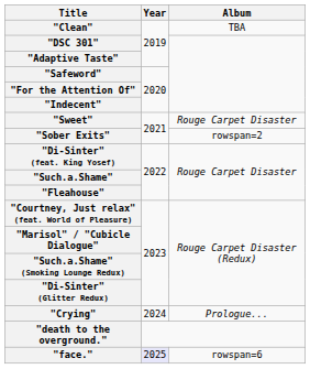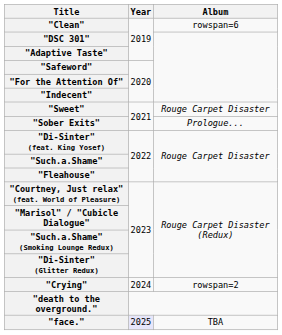 <table class="wikitable plainrowheaders" style="text-align:center;">
 <tr>
 <th scope="col" style="width:14em;">Title</th>
 <th scope="col" style="width:1em;">Year</th>
 <th scope="col" style="width:14em;">Album</th>
 </tr>
 <tr>
 <th scope="row">"Clean"</th>
 <td rowspan=3>2019</td>
-<td>TBA</td>
+<td>rowspan=6    </td>
 </tr>
 <tr>
 <th scope="row">"DSC 301"</th>
 </tr>
 <tr>
 <th scope="row">"Adaptive Taste"</th>
 </tr>
 <tr>
 <th scope="row">"Safeword"</th>
 <td rowspan=3>2020</td>
 </tr>
 <tr>
 <th scope="row">"For the Attention Of"</th>
 </tr>
 <tr>
 <th scope="row">"Indecent"</th>
 </tr>
 <tr>
 <th scope="row">"Sweet"</th>
 <td rowspan=2>2021</td>
 <td><em>Rouge Carpet Disaster</em></td>
 </tr>
 <tr>
 <th scope="row">"Sober Exits"</th>
-<td>rowspan=2 </td>
+<td><em>Prologue...</em></td>
 </tr>
 <tr>
 <th scope="row">"Di-Sinter"<br><small>(feat. King Yosef)</small></th>
 <td rowspan=3>2022</td>
 <td rowspan=3><em>Rouge Carpet Disaster</em></td>
 </tr>
 <tr>
 <th scope="row">"Such.a.Shame"</th>
 </tr>
 <tr>
 <th scope="row">"Fleahouse"</th>
 </tr>
 <tr>
 <th scope="row">"Courtney, Just relax"<br><small>(feat. World of Pleasure)</small></th>
 <td rowspan=4>2023</td>
 <td rowspan=4><em>Rouge Carpet Disaster (Redux)</em></td>
 </tr>
 <tr>
 <th scope="row">"Marisol" / "Cubicle Dialogue"</th>
 </tr>
 <tr>
 <th scope="row">"Such.a.Shame"<br><small>(Smoking Lounge Redux)</small></th>
 </tr>
 <tr>
 <th scope="row">"Di-Sinter"<br><small>(Glitter Redux)</small></th>
 </tr>
 <tr>
 <th scope="row">"Crying"</th>
 <td>2024</td>
-<td><em>Prologue...</em></td>
+<td>rowspan=2 </td>
 </tr>
 <tr>
 <th scope="row">"death to the overground."</th>
 </tr>
 <tr>
 <th scope="row">"face."</th>
 <td style="background: lavender;">2025</td>
-<td>rowspan=6    </td>
+<td>TBA</td>
 </tr>
 </table>
